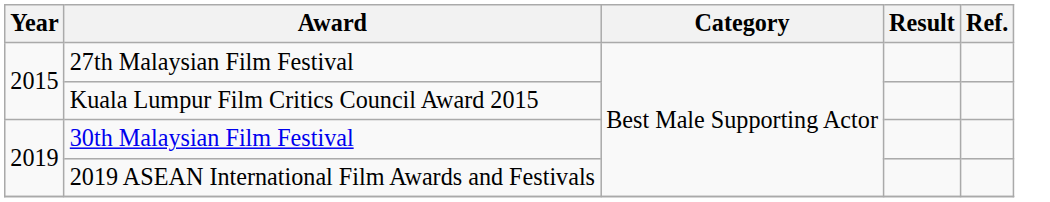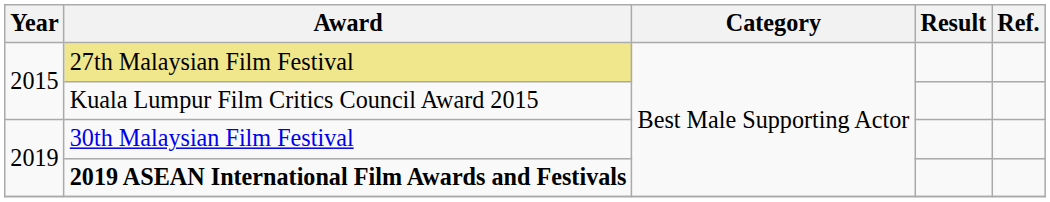 <table class="wikitable">
 <tr>
 <th>Year</th>
 <th>Award</th>
 <th>Category</th>
 <th>Result</th>
 <th>Ref.</th>
 </tr>
 <tr>
 <td rowspan=2>2015</td>
-<td>27th Malaysian Film Festival</td>
+<td style="background: khaki;">27th Malaysian Film Festival</td>
 <td rowspan=4>Best Male Supporting Actor</td>
 <td></td>
 <td></td>
 </tr>
 <tr>
 <td>Kuala Lumpur Film Critics Council Award 2015</td>
 <td></td>
 <td></td>
 </tr>
 <tr>
 <td rowspan="2">2019</td>
 <td><a href='#'>30th Malaysian Film Festival</a></td>
 <td></td>
 <td></td>
 </tr>
 <tr>
-<td>2019 ASEAN International Film Awards and Festivals</td>
+<td><strong>2019 ASEAN International Film Awards and Festivals</strong></td>
 <td></td>
 <td></td>
 </tr>
 <tr>
 </tr>
 </table>
